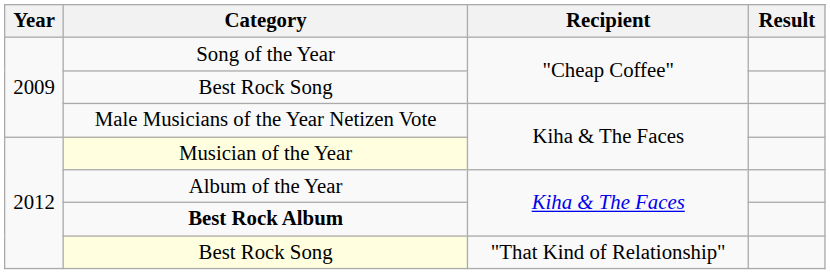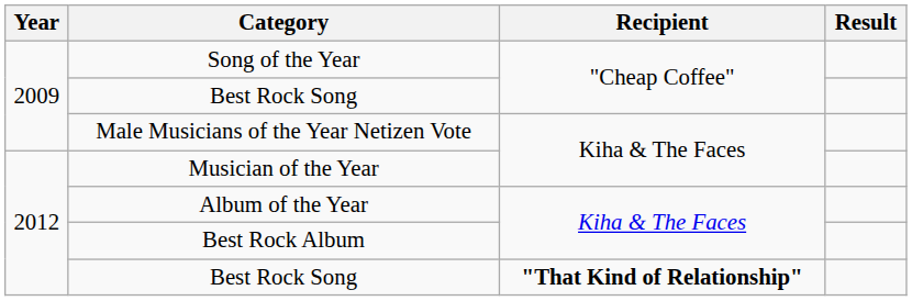 <table class="wikitable" style="text-align: center; width: 50%;">
 <tr>
 <th>Year</th>
 <th>Category</th>
 <th>Recipient</th>
 <th>Result</th>
 </tr>
 <tr>
 <td rowspan="3">2009</td>
 <td>Song of the Year</td>
 <td rowspan="2">"Cheap Coffee"</td>
 <td></td>
 </tr>
 <tr>
 <td>Best Rock Song</td>
 <td></td>
 </tr>
 <tr>
 <td>Male Musicians of the Year Netizen Vote</td>
 <td rowspan="2">Kiha & The Faces</td>
 <td></td>
 </tr>
 <tr>
 <td rowspan="4">2012</td>
-<td style="background: lightyellow;">Musician of the Year</td>
+<td>Musician of the Year</td>
 <td></td>
 </tr>
 <tr>
 <td>Album of the Year</td>
 <td rowspan="2"><em><a href='#'>Kiha & The Faces</a></em></td>
 <td></td>
 </tr>
 <tr>
-<td><strong>Best Rock Album</strong></td>
+<td>Best Rock Album</td>
 <td></td>
 </tr>
 <tr>
-<td style="background: lightyellow;">Best Rock Song</td>
-<td>"That Kind of Relationship"</td>
+<td>Best Rock Song</td>
+<td><strong>"That Kind of Relationship"</strong></td>
 <td></td>
 </tr>
 </table>
